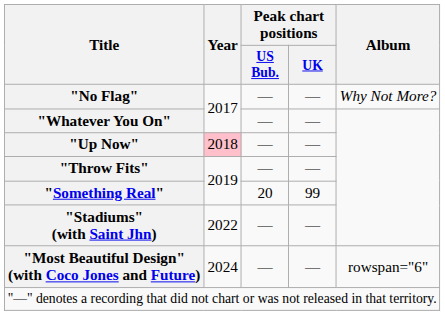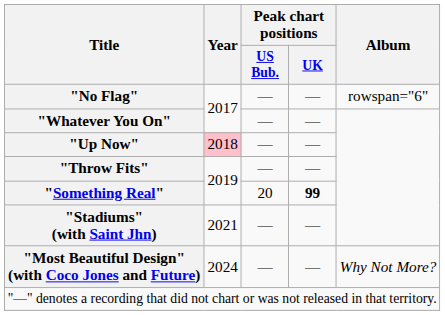 <table class="wikitable plainrowheaders" style="text-align:center;">
 <tr>
 <th rowspan="2">Title</th>
 <th rowspan="2">Year</th>
 <th colspan="2">Peak chart positions</th>
 <th rowspan="2">Album</th>
 </tr>
 <tr>
 <th scope="col" style="width:3em;font-size:90%;"><a href='#'>US<br>Bub.</a></th>
 <th scope="col" style="width:3em;font-size:90%;"><a href='#'>UK</a></th>
 </tr>
 <tr>
 <th scope="row">"No Flag"<br></th>
 <td rowspan="2">2017</td>
 <td>—</td>
 <td —>—</td>
-<td><em>Why Not More?</em></td>
+<td>rowspan="6" </td>
 </tr>
 <tr>
 <th scope="row">"Whatever You On"<br></th>
 <td>—</td>
 <td>—</td>
 </tr>
 <tr>
 <th scope="row">"Up Now"<br></th>
 <td style="background: pink;">2018</td>
 <td>—</td>
 <td>—</td>
 </tr>
 <tr>
 <th scope="row">"Throw Fits"<br></th>
 <td rowspan="2">2019</td>
 <td>—</td>
 <td>—</td>
 </tr>
 <tr>
 <th scope="row">"<a href='#'>Something Real</a>"<br></th>
 <td>20<br></td>
-<td>99<br></td>
+<td><strong>99<br></strong></td>
 </tr>
 <tr>
 <th scope="row">"Stadiums"<br><span>(with <a href='#'>Saint Jhn</a>)</span></th>
-<td>2022</td>
+<td>2021</td>
 <td>—</td>
 <td>—</td>
 </tr>
 <tr>
 <th scope="row">"Most Beautiful Design"<br><span>(with <a href='#'>Coco Jones</a> and <a href='#'>Future</a>)</span></th>
 <td>2024</td>
 <td>—</td>
 <td>—</td>
-<td>rowspan="6" </td>
+<td><em>Why Not More?</em></td>
 </tr>
 <tr>
 <td style="font-size:90%" colspan="9">"—" denotes a recording that did not chart or was not released in that territory.</td>
 </tr>
 </table>
